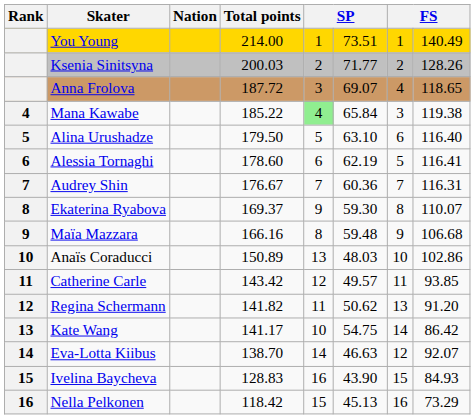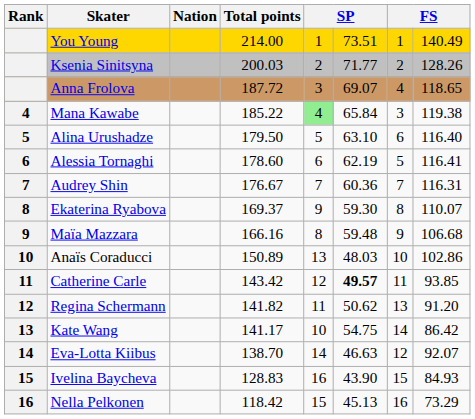 <table class="wikitable sortable" style="text-align:left">
 <tr>
 <th scope="col">Rank</th>
 <th scope="col">Skater</th>
 <th scope="col">Nation</th>
 <th scope="col">Total points</th>
 <th scope="col" colspan="2" width="80px"><a href='#'>SP</a></th>
 <th scope="col" colspan="2" width="80px"><a href='#'>FS</a></th>
 </tr>
 <tr bgcolor="gold">
 <th scope="row"></th>
 <td><a href='#'>You Young</a></td>
 <td></td>
 <td align="center">214.00</td>
 <td align="center">1</td>
 <td align="center">73.51</td>
 <td align="center">1</td>
 <td align="center">140.49</td>
 </tr>
 <tr bgcolor="silver">
 <th scope="row"></th>
 <td><a href='#'>Ksenia Sinitsyna</a></td>
 <td></td>
 <td align="center">200.03</td>
 <td align="center">2</td>
 <td align="center">71.77</td>
 <td align="center">2</td>
 <td align="center">128.26</td>
 </tr>
 <tr bgcolor="#cc9966">
 <th scope="row"></th>
 <td><a href='#'>Anna Frolova</a></td>
 <td></td>
 <td align="center">187.72</td>
 <td align="center">3</td>
 <td align="center">69.07</td>
 <td align="center">4</td>
 <td align="center">118.65</td>
 </tr>
 <tr>
 <th scope="row">4</th>
 <td><a href='#'>Mana Kawabe</a></td>
 <td></td>
 <td align="center">185.22</td>
 <td align="center" style="background: lightgreen;">4</td>
 <td align="center">65.84</td>
 <td align="center">3</td>
 <td align="center">119.38</td>
 </tr>
 <tr>
 <th scope="row">5</th>
 <td><a href='#'>Alina Urushadze</a></td>
 <td></td>
 <td align="center">179.50</td>
 <td align="center">5</td>
 <td align="center">63.10</td>
 <td align="center">6</td>
 <td align="center">116.40</td>
 </tr>
 <tr>
 <th scope="row">6</th>
 <td><a href='#'>Alessia Tornaghi</a></td>
 <td></td>
 <td align="center">178.60</td>
 <td align="center">6</td>
 <td align="center">62.19</td>
 <td align="center">5</td>
 <td align="center">116.41</td>
 </tr>
 <tr>
 <th scope="row">7</th>
 <td><a href='#'>Audrey Shin</a></td>
 <td></td>
 <td align="center">176.67</td>
 <td align="center">7</td>
 <td align="center">60.36</td>
 <td align="center">7</td>
 <td align="center">116.31</td>
 </tr>
 <tr>
 <th scope="row">8</th>
 <td><a href='#'>Ekaterina Ryabova</a></td>
 <td></td>
 <td align="center">169.37</td>
 <td align="center">9</td>
 <td align="center">59.30</td>
 <td align="center">8</td>
 <td align="center">110.07</td>
 </tr>
 <tr>
 <th scope="row">9</th>
 <td><a href='#'>Maïa Mazzara</a></td>
 <td></td>
 <td align="center">166.16</td>
 <td align="center">8</td>
 <td align="center">59.48</td>
 <td align="center">9</td>
 <td align="center">106.68</td>
 </tr>
 <tr>
 <th scope="row">10</th>
 <td>Anaïs Coraducci</td>
 <td></td>
 <td align="center">150.89</td>
 <td align="center">13</td>
 <td align="center">48.03</td>
 <td align="center">10</td>
 <td align="center">102.86</td>
 </tr>
 <tr>
 <th scope="row">11</th>
 <td><a href='#'>Catherine Carle</a></td>
 <td></td>
 <td align="center">143.42</td>
 <td align="center">12</td>
-<td align="center">49.57</td>
+<td align="center"><strong>49.57</strong></td>
 <td align="center">11</td>
 <td align="center">93.85</td>
 </tr>
 <tr>
 <th scope="row">12</th>
 <td><a href='#'>Regina Schermann</a></td>
 <td></td>
 <td align="center">141.82</td>
 <td align="center">11</td>
 <td align="center">50.62</td>
 <td align="center">13</td>
 <td align="center">91.20</td>
 </tr>
 <tr>
 <th scope="row">13</th>
 <td><a href='#'>Kate Wang</a></td>
 <td></td>
 <td align="center">141.17</td>
 <td align="center">10</td>
 <td align="center">54.75</td>
 <td align="center">14</td>
 <td align="center">86.42</td>
 </tr>
 <tr>
 <th scope="row">14</th>
 <td><a href='#'>Eva-Lotta Kiibus</a></td>
 <td></td>
 <td align="center">138.70</td>
 <td align="center">14</td>
 <td align="center">46.63</td>
 <td align="center">12</td>
 <td align="center">92.07</td>
 </tr>
 <tr>
 <th scope="row">15</th>
 <td><a href='#'>Ivelina Baycheva</a></td>
 <td></td>
 <td align="center">128.83</td>
 <td align="center">16</td>
 <td align="center">43.90</td>
 <td align="center">15</td>
 <td align="center">84.93</td>
 </tr>
 <tr>
 <th scope="row">16</th>
 <td><a href='#'>Nella Pelkonen</a></td>
 <td></td>
 <td align="center">118.42</td>
 <td align="center">15</td>
 <td align="center">45.13</td>
 <td align="center">16</td>
 <td align="center">73.29</td>
 </tr>
 </table>
